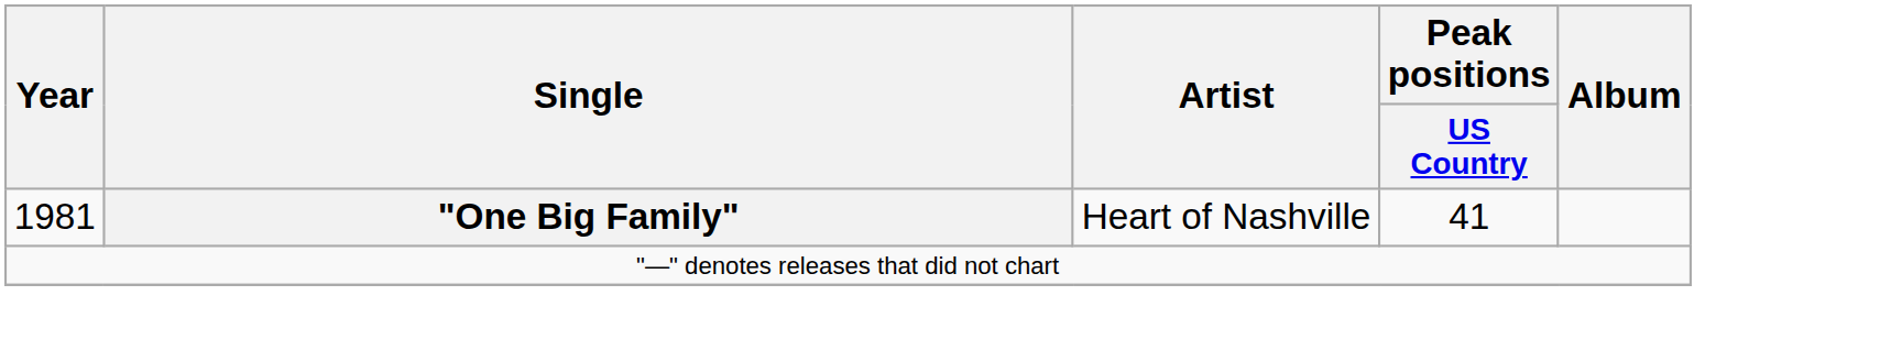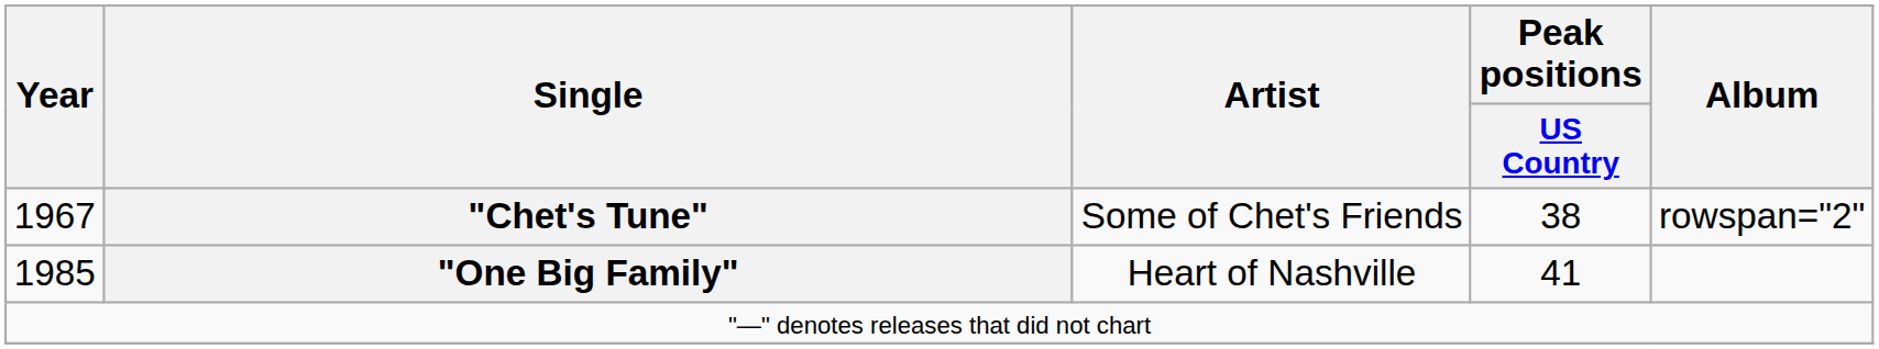 <table class="wikitable plainrowheaders" style="text-align:center;">
 <tr>
 <th rowspan="2">Year</th>
 <th rowspan="2" style="width:26em;">Single</th>
 <th rowspan="2">Artist</th>
 <th>Peak positions</th>
 <th rowspan="2">Album</th>
 </tr>
 <tr style="font-size:smaller;">
 <th width="65"><a href='#'>US Country</a><br></th>
 </tr>
 <tr>
-<td>1981</td>
+<td>1967</td>
+<th scope="row">"Chet's Tune"</th>
+<td>Some of Chet's Friends</td>
+<td>38</td>
+<td>rowspan="2" </td>
+</tr>
+<tr>
+<td>1985</td>
 <th scope="row">"One Big Family"</th>
 <td>Heart of Nashville</td>
 <td>41</td>
 </tr>
 <tr>
 <td colspan="5" style="font-size: 8pt">"—" denotes releases that did not chart</td>
 </tr>
 <tr>
 </tr>
 </table>
